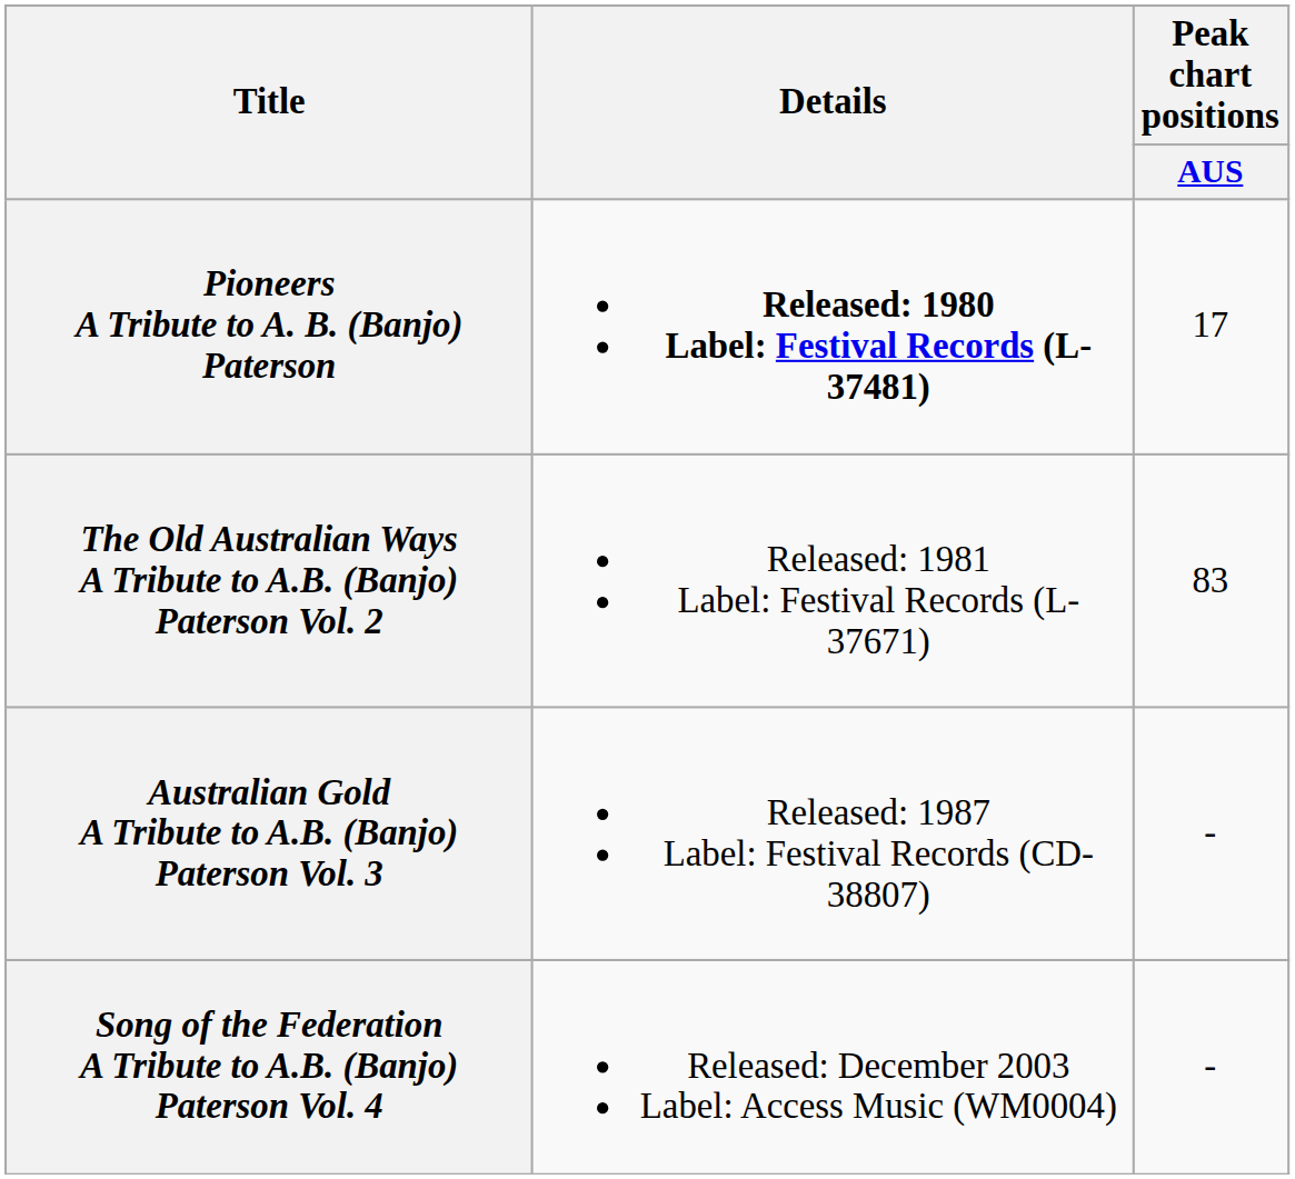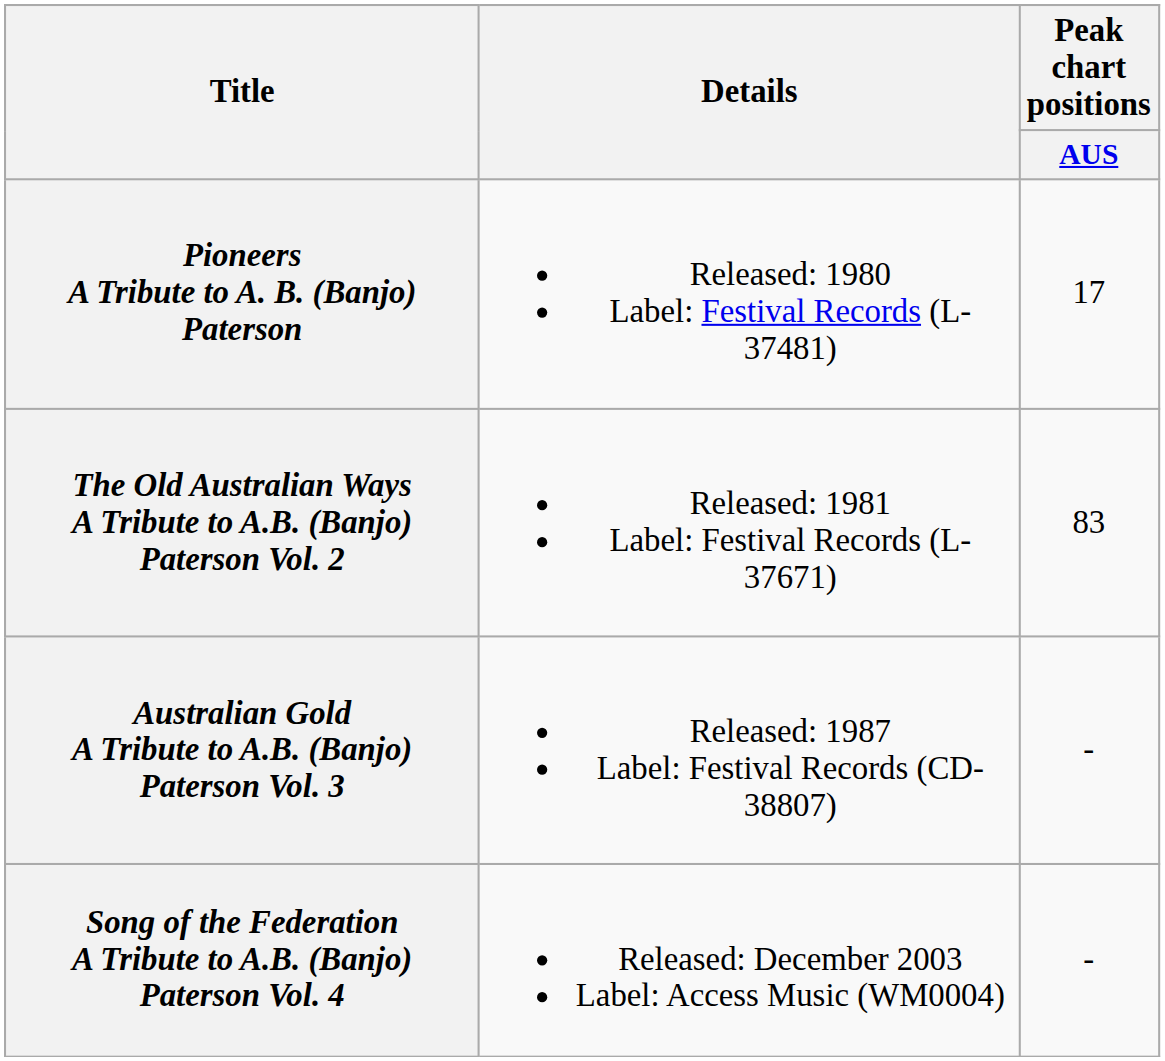 <table class="wikitable plainrowheaders" style="text-align:center;" border="1">
 <tr>
 <th scope="col" rowspan="2" style="width:14em;">Title</th>
 <th scope="col" rowspan="2" style="width:16em;">Details</th>
 <th scope="col" colspan="1">Peak chart positions</th>
 </tr>
 <tr>
 <th scope="col" style="width:3em;font-size:90%;"><a href='#'>AUS</a><br></th>
 </tr>
 <tr>
 <th scope="row"><em>Pioneers <br> A Tribute to A. B. (Banjo) Paterson</em></th>
-<td><strong><br><ul><li>Released: 1980</li><li>Label: <a href='#'>Festival Records</a> (L-37481)</li></ul></strong></td>
+<td><br><ul><li>Released: 1980</li><li>Label: <a href='#'>Festival Records</a> (L-37481)</li></ul></td>
 <td align="center">17</td>
 </tr>
 <tr>
 <th scope="row"><em>The Old Australian Ways <br> A Tribute to A.B. (Banjo) Paterson Vol. 2</em></th>
 <td><br><ul><li>Released: 1981</li><li>Label: Festival Records (L-37671)</li></ul></td>
 <td align="center">83</td>
 </tr>
 <tr>
 <th scope="row"><em>Australian Gold <br> A Tribute to A.B. (Banjo) Paterson Vol. 3</em></th>
 <td><br><ul><li>Released: 1987</li><li>Label: Festival Records (CD-38807)</li></ul></td>
 <td align="center">-</td>
 </tr>
 <tr>
 <th scope="row"><em>Song of the Federation <br> A Tribute to A.B. (Banjo) Paterson Vol. 4</em></th>
 <td><br><ul><li>Released: December 2003</li><li>Label: Access Music (WM0004)</li></ul></td>
 <td align="center">-</td>
 </tr>
 </table>
